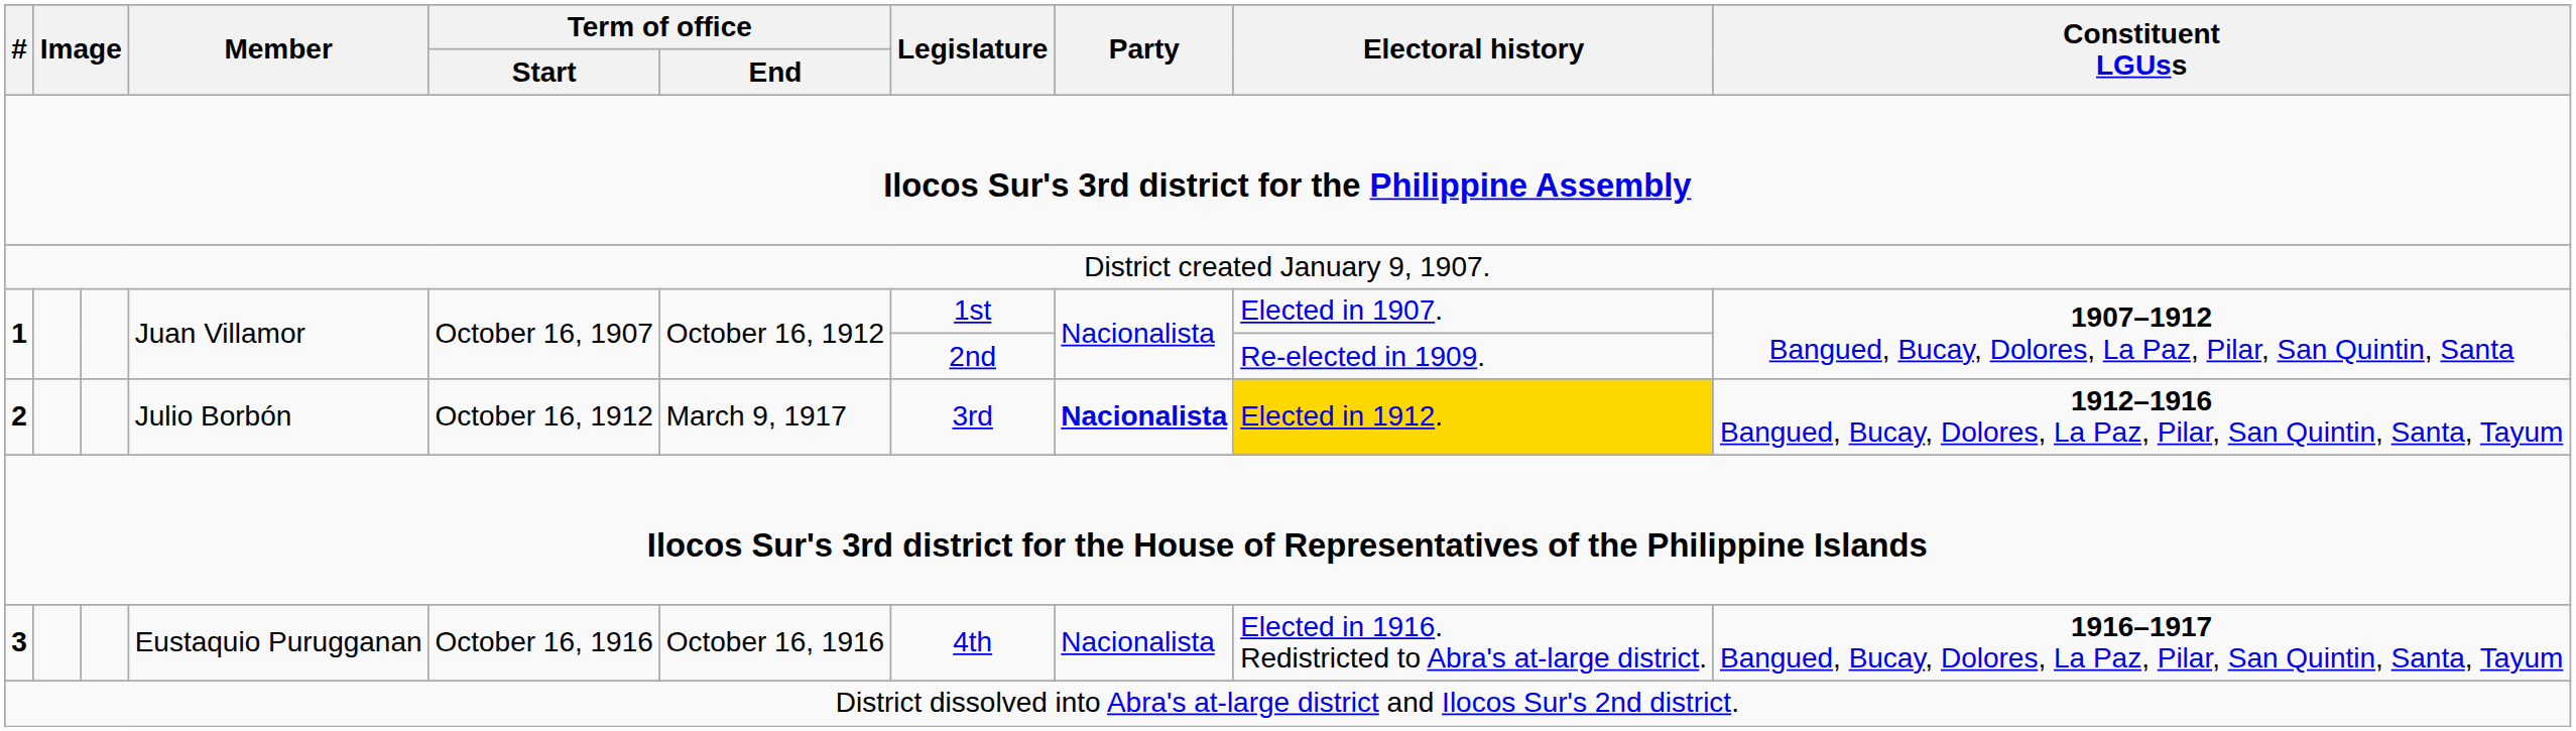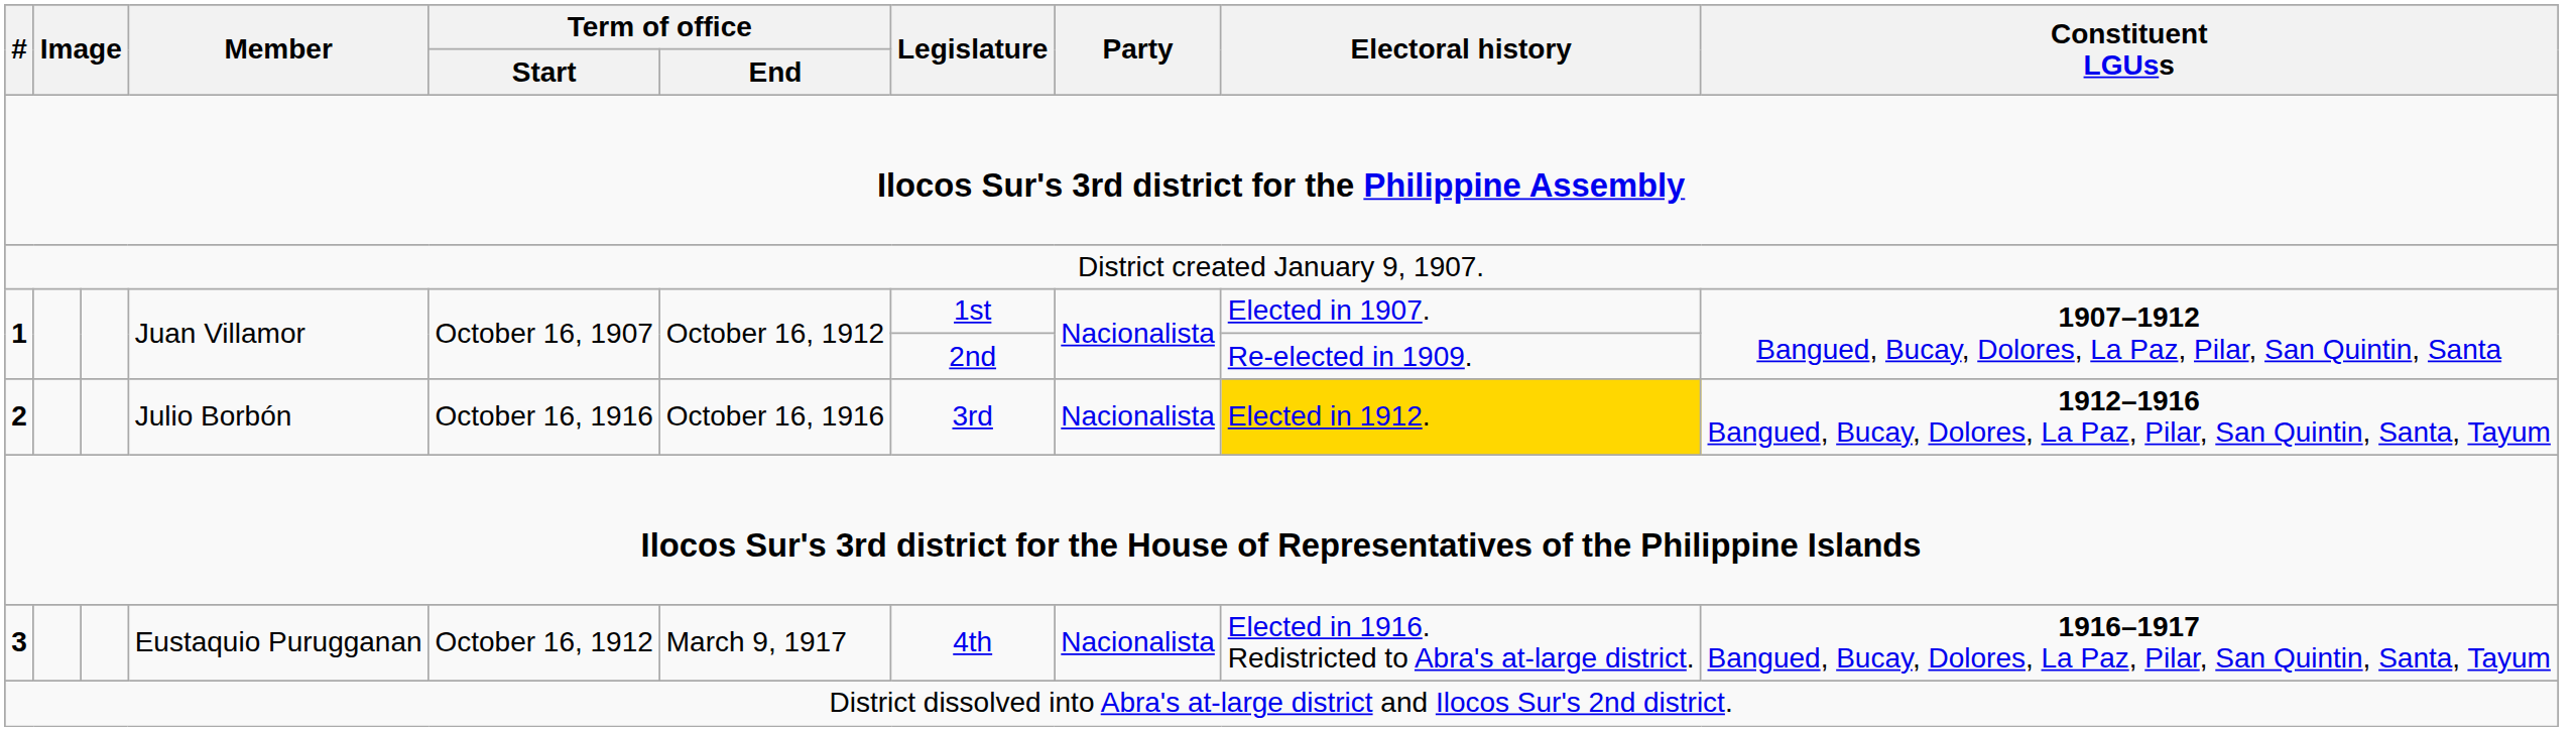 <table class=wikitable>
 <tr>
 <th rowspan="2">#</th>
 <th rowspan="2" colspan=2>Image</th>
 <th rowspan="2">Member</th>
 <th colspan=2>Term of office</th>
 <th rowspan="2">Legislature</th>
 <th rowspan="2">Party</th>
 <th rowspan="2">Electoral history</th>
 <th rowspan="2">Constituent<br><a href='#'>LGUs</a>s</th>
 </tr>
 <tr>
 <th>Start</th>
 <th>End</th>
 </tr>
 <tr>
 <td colspan="10" style="text-align:center;"><br><h3>Ilocos Sur's 3rd district for the <a href='#'>Philippine Assembly</a></h3></td>
 </tr>
 <tr>
 <td colspan="10" style="text-align:center;">District created January 9, 1907.</td>
 </tr>
 <tr>
 <td rowspan="2" style="text-align:center;"><strong>1</strong></td>
 <td rowspan="2" style="background:"></td>
 <td rowspan="2"></td>
 <td rowspan="2">Juan Villamor</td>
 <td rowspan="2">October 16, 1907</td>
 <td rowspan="2">October 16, 1912</td>
 <td style="text-align:center;"><a href='#'>1st</a></td>
 <td rowspan="2"><a href='#'>Nacionalista</a></td>
 <td><a href='#'>Elected in 1907</a>.</td>
 <td rowspan="2" style="text-align:center;"><strong>1907–1912</strong><br><a href='#'>Bangued</a>, <a href='#'>Bucay</a>, <a href='#'>Dolores</a>, <a href='#'>La Paz</a>, <a href='#'>Pilar</a>, <a href='#'>San Quintin</a>, <a href='#'>Santa</a></td>
 </tr>
 <tr>
 <td style="text-align:center;"><a href='#'>2nd</a></td>
 <td><a href='#'>Re-elected in 1909</a>.</td>
 </tr>
 <tr>
 <td style="text-align:center;"><strong>2</strong></td>
 <td style="background:"></td>
 <td></td>
 <td>Julio Borbón</td>
-<td>October 16, 1912</td>
-<td>March 9, 1917</td>
+<td>October 16, 1916</td>
+<td>October 16, 1916</td>
 <td style="text-align:center;"><a href='#'>3rd</a></td>
-<td><strong><a href='#'>Nacionalista</a></strong></td>
+<td><a href='#'>Nacionalista</a></td>
 <td style="background: gold;"><a href='#'>Elected in 1912</a>.</td>
 <td style="text-align:center;"><strong>1912–1916</strong><br><a href='#'>Bangued</a>, <a href='#'>Bucay</a>, <a href='#'>Dolores</a>, <a href='#'>La Paz</a>, <a href='#'>Pilar</a>, <a href='#'>San Quintin</a>, <a href='#'>Santa</a>, <a href='#'>Tayum</a></td>
 </tr>
 <tr>
 <td colspan="10" style="text-align:center;"><br><h3>Ilocos Sur's 3rd district for the House of Representatives of the Philippine Islands</h3></td>
 </tr>
 <tr>
 <td style="text-align:center;"><strong>3</strong></td>
 <td style="background:"></td>
 <td></td>
 <td>Eustaquio Purugganan</td>
-<td>October 16, 1916</td>
-<td>October 16, 1916</td>
+<td>October 16, 1912</td>
+<td>March 9, 1917</td>
 <td style="text-align:center;"><a href='#'>4th</a></td>
 <td><a href='#'>Nacionalista</a></td>
 <td><a href='#'>Elected in 1916</a>.<br>Redistricted to <a href='#'>Abra's at-large district</a>.</td>
 <td style="text-align:center;"><strong>1916–1917</strong><br><a href='#'>Bangued</a>, <a href='#'>Bucay</a>, <a href='#'>Dolores</a>, <a href='#'>La Paz</a>, <a href='#'>Pilar</a>, <a href='#'>San Quintin</a>, <a href='#'>Santa</a>, <a href='#'>Tayum</a></td>
 </tr>
 <tr>
 <td colspan="10" style="text-align:center;">District dissolved into <a href='#'>Abra's at-large district</a> and <a href='#'>Ilocos Sur's 2nd district</a>.</td>
 </tr>
 </table>
